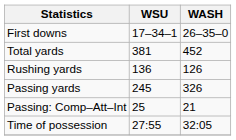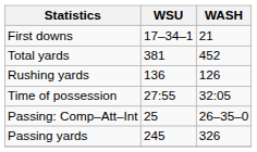 <table class="wikitable" style="float: left;">
 <tr>
 <th>Statistics</th>
 <th>WSU</th>
 <th>WASH</th>
 </tr>
 <tr>
 <td>First downs</td>
 <td>17–34–1</td>
-<td>26–35–0</td>
+<td>21</td>
 </tr>
 <tr>
 <td>Total yards</td>
 <td>381</td>
 <td>452</td>
 </tr>
 <tr>
 <td>Rushing yards</td>
 <td>136</td>
 <td>126</td>
 </tr>
 <tr>
+<td>Time of possession</td>
+<td>27:55</td>
+<td>32:05</td>
+</tr>
+<tr>
+<td>Passing: Comp–Att–Int</td>
+<td>25</td>
+<td>26–35–0</td>
+</tr>
+<tr>
 <td>Passing yards</td>
 <td>245</td>
 <td>326</td>
 </tr>
 <tr>
-<td>Passing: Comp–Att–Int</td>
-<td>25</td>
-<td>21</td>
-</tr>
-<tr>
-<td>Time of possession</td>
-<td>27:55</td>
-<td>32:05</td>
-</tr>
-<tr>
 </tr>
 </table>
